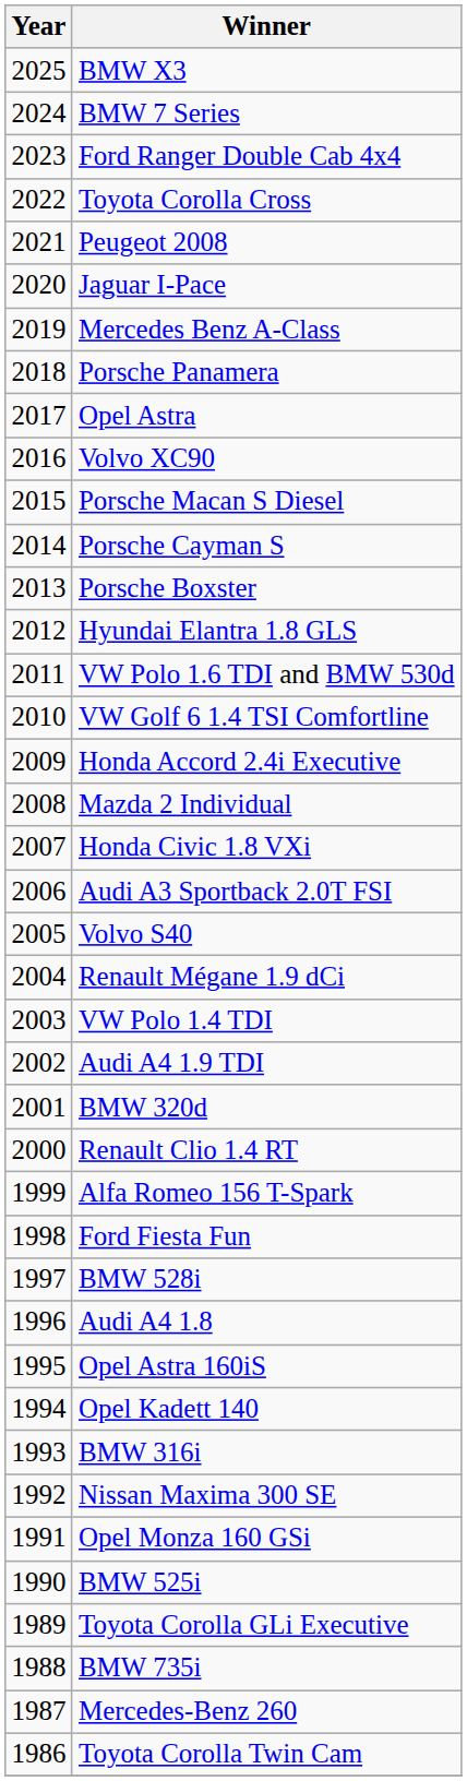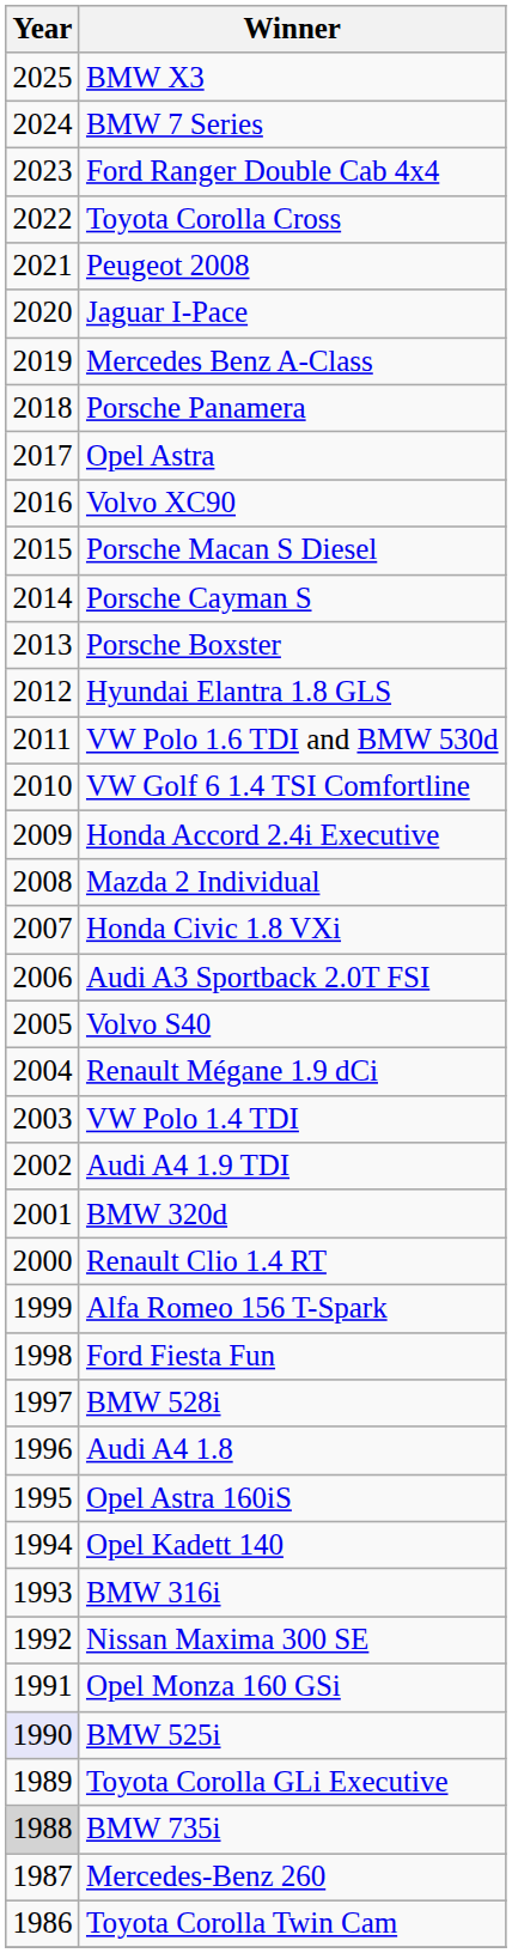 <table class="wikitable sortable">
 <tr>
 <th>Year</th>
 <th>Winner</th>
 </tr>
 <tr>
 <td>2025</td>
 <td><a href='#'>BMW X3</a></td>
 </tr>
 <tr>
 <td>2024</td>
 <td><a href='#'>BMW 7 Series</a></td>
 </tr>
 <tr>
 <td>2023</td>
 <td><a href='#'>Ford Ranger Double Cab 4x4</a></td>
 </tr>
 <tr>
 <td>2022</td>
 <td><a href='#'>Toyota Corolla Cross</a></td>
 </tr>
 <tr>
 <td>2021</td>
 <td><a href='#'>Peugeot 2008</a></td>
 </tr>
 <tr>
 <td>2020</td>
 <td><a href='#'>Jaguar I-Pace</a></td>
 </tr>
 <tr>
 <td>2019</td>
 <td><a href='#'>Mercedes Benz A-Class</a></td>
 </tr>
 <tr>
 <td>2018</td>
 <td><a href='#'>Porsche Panamera</a></td>
 </tr>
 <tr>
 <td>2017</td>
 <td><a href='#'>Opel Astra</a></td>
 </tr>
 <tr>
 <td>2016</td>
 <td><a href='#'>Volvo XC90</a></td>
 </tr>
 <tr>
 <td>2015</td>
 <td><a href='#'>Porsche Macan S Diesel</a></td>
 </tr>
 <tr>
 <td>2014</td>
 <td><a href='#'>Porsche Cayman S</a></td>
 </tr>
 <tr>
 <td>2013</td>
 <td><a href='#'>Porsche Boxster</a></td>
 </tr>
 <tr>
 <td>2012</td>
 <td><a href='#'>Hyundai Elantra 1.8 GLS</a></td>
 </tr>
 <tr>
 <td>2011</td>
 <td><a href='#'>VW Polo 1.6 TDI</a> and <a href='#'>BMW 530d</a></td>
 </tr>
 <tr>
 <td>2010</td>
 <td><a href='#'>VW Golf 6 1.4 TSI Comfortline</a></td>
 </tr>
 <tr>
 <td>2009</td>
 <td><a href='#'>Honda Accord 2.4i Executive</a></td>
 </tr>
 <tr>
 <td>2008</td>
 <td><a href='#'>Mazda 2 Individual</a></td>
 </tr>
 <tr>
 <td>2007</td>
 <td><a href='#'>Honda Civic 1.8 VXi</a></td>
 </tr>
 <tr>
 <td>2006</td>
 <td><a href='#'>Audi A3 Sportback 2.0T FSI</a></td>
 </tr>
 <tr>
 <td>2005</td>
 <td><a href='#'>Volvo S40</a></td>
 </tr>
 <tr>
 <td>2004</td>
 <td><a href='#'>Renault Mégane 1.9 dCi</a></td>
 </tr>
 <tr>
 <td>2003</td>
 <td><a href='#'>VW Polo 1.4 TDI</a></td>
 </tr>
 <tr>
 <td>2002</td>
 <td><a href='#'>Audi A4 1.9 TDI</a></td>
 </tr>
 <tr>
 <td>2001</td>
 <td><a href='#'>BMW 320d</a></td>
 </tr>
 <tr>
 <td>2000</td>
 <td><a href='#'>Renault Clio 1.4 RT</a></td>
 </tr>
 <tr>
 <td>1999</td>
 <td><a href='#'>Alfa Romeo 156 T-Spark</a></td>
 </tr>
 <tr>
 <td>1998</td>
 <td><a href='#'>Ford Fiesta Fun</a></td>
 </tr>
 <tr>
 <td>1997</td>
 <td><a href='#'>BMW 528i</a></td>
 </tr>
 <tr>
 <td>1996</td>
 <td><a href='#'>Audi A4 1.8</a></td>
 </tr>
 <tr>
 <td>1995</td>
 <td><a href='#'>Opel Astra 160iS</a></td>
 </tr>
 <tr>
 <td>1994</td>
 <td><a href='#'>Opel Kadett 140</a></td>
 </tr>
 <tr>
 <td>1993</td>
 <td><a href='#'>BMW 316i</a></td>
 </tr>
 <tr>
 <td>1992</td>
 <td><a href='#'>Nissan Maxima 300 SE</a></td>
 </tr>
 <tr>
 <td>1991</td>
 <td><a href='#'>Opel Monza 160 GSi</a></td>
 </tr>
 <tr>
-<td>1990</td>
+<td style="background: lavender;">1990</td>
 <td><a href='#'>BMW 525i</a></td>
 </tr>
 <tr>
 <td>1989</td>
 <td><a href='#'>Toyota Corolla GLi Executive</a></td>
 </tr>
 <tr>
-<td>1988</td>
+<td style="background: lightgrey;">1988</td>
 <td><a href='#'>BMW 735i</a></td>
 </tr>
 <tr>
 <td>1987</td>
 <td><a href='#'>Mercedes-Benz 260</a></td>
 </tr>
 <tr>
 <td>1986</td>
 <td><a href='#'>Toyota Corolla Twin Cam</a></td>
 </tr>
 <tr>
 </tr>
 </table>
